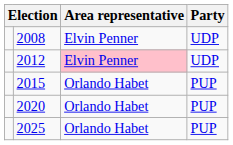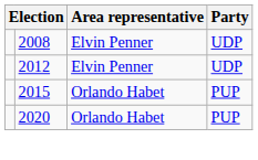 <table class="wikitable">
 <tr>
 <th colspan="2">Election</th>
 <th>Area representative</th>
 <th>Party</th>
 </tr>
 <tr>
 <td style="background-color: "></td>
 <td><a href='#'>2008</a></td>
 <td><a href='#'>Elvin Penner</a></td>
 <td><a href='#'>UDP</a></td>
 </tr>
 <tr>
 <td style="background-color: "></td>
 <td><a href='#'>2012</a></td>
-<td style="background: pink;"><a href='#'>Elvin Penner</a></td>
+<td><a href='#'>Elvin Penner</a></td>
 <td><a href='#'>UDP</a></td>
 </tr>
 <tr>
 <td style="background-color: "></td>
 <td><a href='#'>2015</a></td>
 <td><a href='#'>Orlando Habet</a></td>
 <td><a href='#'>PUP</a></td>
 </tr>
 <tr>
 <td style="background-color: "></td>
 <td><a href='#'>2020</a></td>
 <td><a href='#'>Orlando Habet</a></td>
 <td><a href='#'>PUP</a></td>
 </tr>
-<tr>
-<td style="background-color: "></td>
-<td><a href='#'>2025</a></td>
-<td><a href='#'>Orlando Habet</a></td>
-<td><a href='#'>PUP</a></td>
-</tr>
 </table>
